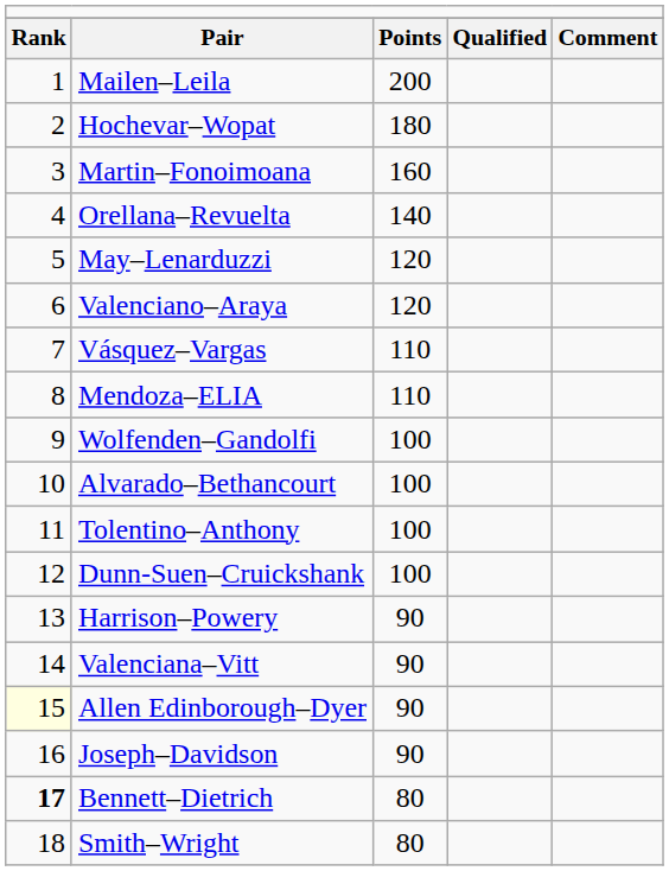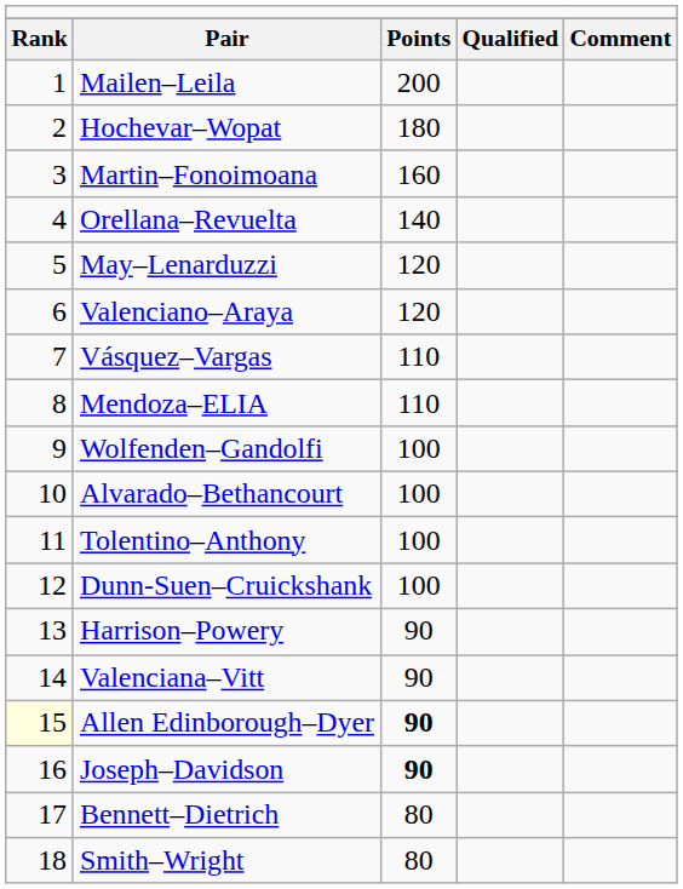 <table class="wikitable">
 <tr>
 <td colspan=5 align="center"></td>
 </tr>
 <tr>
 </tr>
 <tr style="font-size:10pt;font-weight:bold">
 <th>Rank</th>
 <th>Pair</th>
 <th>Points</th>
 <th>Qualified</th>
 <th>Comment</th>
 </tr>
 <tr>
 <td align=right>1</td>
 <td> <a href='#'>Mailen</a>–<a href='#'>Leila</a></td>
 <td align=center>200</td>
 <td></td>
 <td></td>
 </tr>
 <tr>
 <td align=right>2</td>
 <td> <a href='#'>Hochevar</a>–<a href='#'>Wopat</a></td>
 <td align=center>180</td>
 <td></td>
 <td></td>
 </tr>
 <tr>
 <td align=right>3</td>
 <td> <a href='#'>Martin</a>–<a href='#'>Fonoimoana</a></td>
 <td align=center>160</td>
 <td></td>
 <td></td>
 </tr>
 <tr>
 <td align=right>4</td>
 <td> <a href='#'>Orellana</a>–<a href='#'>Revuelta</a></td>
 <td align=center>140</td>
 <td></td>
 <td></td>
 </tr>
 <tr>
 <td align=right>5</td>
 <td> <a href='#'>May</a>–<a href='#'>Lenarduzzi</a></td>
 <td align=center>120</td>
 <td></td>
 <td></td>
 </tr>
 <tr>
 <td align=right>6</td>
 <td> <a href='#'>Valenciano</a>–<a href='#'>Araya</a></td>
 <td align=center>120</td>
 <td></td>
 <td></td>
 </tr>
 <tr>
 <td align=right>7</td>
 <td> <a href='#'>Vásquez</a>–<a href='#'>Vargas</a></td>
 <td align=center>110</td>
 <td></td>
 <td></td>
 </tr>
 <tr>
 <td align=right>8</td>
 <td> <a href='#'>Mendoza</a>–<a href='#'>ELIA</a></td>
 <td align=center>110</td>
 <td></td>
 <td></td>
 </tr>
 <tr>
 <td align=right>9</td>
 <td> <a href='#'>Wolfenden</a>–<a href='#'>Gandolfi</a></td>
 <td align=center>100</td>
 <td></td>
 <td></td>
 </tr>
 <tr>
 <td align=right>10</td>
 <td> <a href='#'>Alvarado</a>–<a href='#'>Bethancourt</a></td>
 <td align=center>100</td>
 <td></td>
 <td></td>
 </tr>
 <tr>
 <td align=right>11</td>
 <td> <a href='#'>Tolentino</a>–<a href='#'>Anthony</a></td>
 <td align=center>100</td>
 <td></td>
 <td></td>
 </tr>
 <tr>
 <td align=right>12</td>
 <td> <a href='#'>Dunn-Suen</a>–<a href='#'>Cruickshank</a></td>
 <td align=center>100</td>
 <td></td>
 <td></td>
 </tr>
 <tr>
 <td align=right>13</td>
 <td> <a href='#'>Harrison</a>–<a href='#'>Powery</a></td>
 <td align=center>90</td>
 <td></td>
 <td></td>
 </tr>
 <tr>
 <td align=right>14</td>
 <td> <a href='#'>Valenciana</a>–<a href='#'>Vitt</a></td>
 <td align=center>90</td>
 <td></td>
 <td></td>
 </tr>
 <tr>
 <td align=right style="background: lightyellow;">15</td>
 <td> <a href='#'>Allen Edinborough</a>–<a href='#'>Dyer</a></td>
-<td align=center>90</td>
+<td align=center><strong>90</strong></td>
 <td></td>
 <td></td>
 </tr>
 <tr>
 <td align=right>16</td>
 <td> <a href='#'>Joseph</a>–<a href='#'>Davidson</a></td>
-<td align=center>90</td>
+<td align=center><strong>90</strong></td>
 <td></td>
 <td></td>
 </tr>
 <tr>
-<td align=right><strong>17</strong></td>
+<td align=right>17</td>
 <td> <a href='#'>Bennett</a>–<a href='#'>Dietrich</a></td>
 <td align=center>80</td>
 <td></td>
 <td></td>
 </tr>
 <tr>
 <td align=right>18</td>
 <td> <a href='#'>Smith</a>–<a href='#'>Wright</a></td>
 <td align=center>80</td>
 <td></td>
 <td></td>
 </tr>
 </table>
